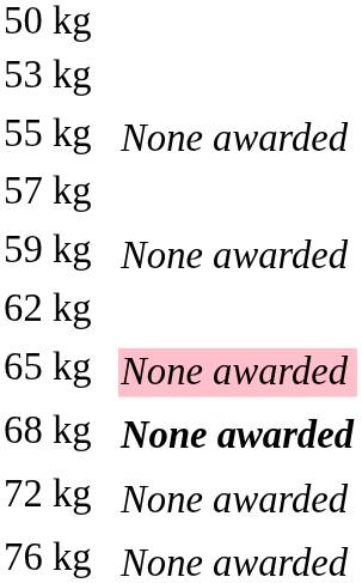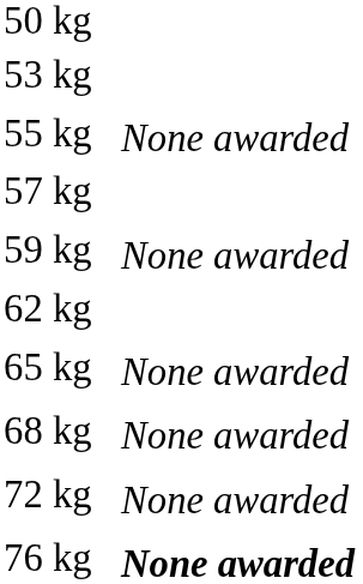 <table>
 <tr>
 <td rowspan=2>50 kg<br></td>
 <td rowspan=2></td>
 <td rowspan=2></td>
 <td></td>
 </tr>
 <tr>
 <td></td>
 </tr>
 <tr>
 <td rowspan=2>53 kg<br></td>
 <td rowspan=2></td>
 <td rowspan=2></td>
 <td></td>
 </tr>
 <tr>
 <td></td>
 </tr>
 <tr>
 <td rowspan=2>55 kg<br></td>
 <td rowspan=2></td>
 <td rowspan=2></td>
 <td></td>
 </tr>
 <tr>
 <td><em>None awarded</em></td>
 </tr>
 <tr>
 <td rowspan=2>57 kg<br></td>
 <td rowspan=2></td>
 <td rowspan=2></td>
 <td></td>
 </tr>
 <tr>
 <td></td>
 </tr>
 <tr>
 <td rowspan=2>59 kg<br></td>
 <td rowspan=2></td>
 <td rowspan=2></td>
 <td></td>
 </tr>
 <tr>
 <td><em>None awarded</em></td>
 </tr>
 <tr>
 <td rowspan=2>62 kg<br></td>
 <td rowspan=2></td>
 <td rowspan=2></td>
 <td></td>
 </tr>
 <tr>
 <td></td>
 </tr>
 <tr>
 <td rowspan=2>65 kg<br></td>
 <td rowspan=2></td>
 <td rowspan=2></td>
 <td></td>
 </tr>
 <tr>
-<td style="background: pink;"><em>None awarded</em></td>
+<td><em>None awarded</em></td>
 </tr>
 <tr>
 <td rowspan=2>68 kg<br></td>
 <td rowspan=2></td>
 <td rowspan=2></td>
 <td></td>
 </tr>
 <tr>
-<td><strong><em>None awarded</em></strong></td>
+<td><em>None awarded</em></td>
 </tr>
 <tr>
 <td rowspan=2>72 kg<br></td>
 <td rowspan=2></td>
 <td rowspan=2></td>
 <td></td>
 </tr>
 <tr>
 <td><em>None awarded</em></td>
 </tr>
 <tr>
 <td rowspan=2>76 kg<br></td>
 <td rowspan=2></td>
 <td rowspan=2></td>
 <td></td>
 </tr>
 <tr>
-<td><em>None awarded</em></td>
+<td><strong><em>None awarded</em></strong></td>
 </tr>
 </table>
